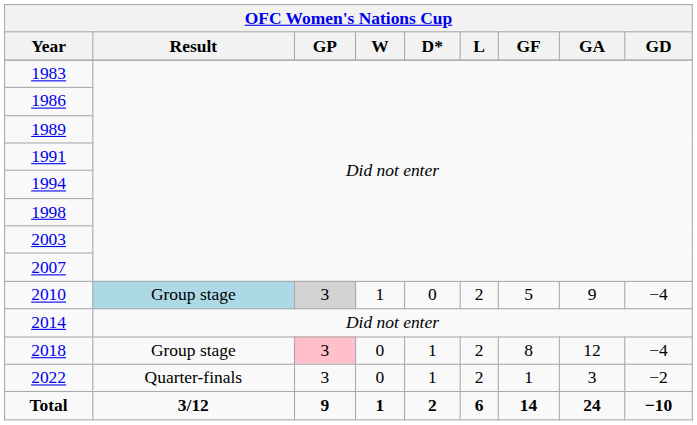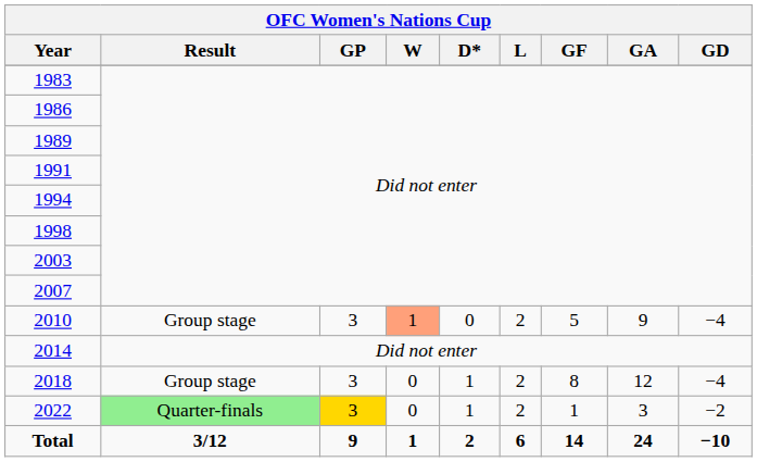 <table class="wikitable" style="text-align: center; width:50%;">
 <tr>
 <th colspan=9><a href='#'>OFC Women's Nations Cup</a></th>
 </tr>
 <tr>
 <th>Year</th>
 <th>Result</th>
 <th>GP</th>
 <th>W</th>
 <th>D*</th>
 <th>L</th>
 <th>GF</th>
 <th>GA</th>
 <th>GD</th>
 </tr>
 <tr>
 </tr>
 <tr>
 <td> <a href='#'>1983</a></td>
 <td colspan=8 rowspan=8><em>Did not enter</em></td>
 </tr>
 <tr>
 <td> <a href='#'>1986</a></td>
 </tr>
 <tr>
 <td> <a href='#'>1989</a></td>
 </tr>
 <tr>
 <td> <a href='#'>1991</a></td>
 </tr>
 <tr>
 <td> <a href='#'>1994</a></td>
 </tr>
 <tr>
 <td> <a href='#'>1998</a></td>
 </tr>
 <tr>
 <td> <a href='#'>2003</a></td>
 </tr>
 <tr>
 <td> <a href='#'>2007</a></td>
 </tr>
 <tr>
 <td> <a href='#'>2010</a></td>
-<td style="background: lightblue;">Group stage</td>
-<td style="background: lightgrey;">3</td>
-<td>1</td>
+<td>Group stage</td>
+<td>3</td>
+<td style="background: lightsalmon;">1</td>
 <td>0</td>
 <td>2</td>
 <td>5</td>
 <td>9</td>
 <td>−4</td>
 </tr>
 <tr>
 <td> <a href='#'>2014</a></td>
 <td colspan=8 rowspan=1><em>Did not enter</em></td>
 </tr>
 <tr>
 <td> <a href='#'>2018</a></td>
 <td>Group stage</td>
-<td style="background: pink;">3</td>
+<td>3</td>
 <td>0</td>
 <td>1</td>
 <td>2</td>
 <td>8</td>
 <td>12</td>
 <td>−4</td>
 </tr>
 <tr>
 <td> <a href='#'>2022</a></td>
-<td>Quarter-finals</td>
-<td>3</td>
+<td style="background: lightgreen;">Quarter-finals</td>
+<td style="background: gold;">3</td>
 <td>0</td>
 <td>1</td>
 <td>2</td>
 <td>1</td>
 <td>3</td>
 <td>−2</td>
 </tr>
 <tr>
 <td><strong>Total</strong></td>
 <td><strong>3/12</strong></td>
 <td><strong>9</strong></td>
 <td><strong>1</strong></td>
 <td><strong>2</strong></td>
 <td><strong>6</strong></td>
 <td><strong>14</strong></td>
 <td><strong>24</strong></td>
 <td><strong>−10</strong></td>
 </tr>
 </table>
